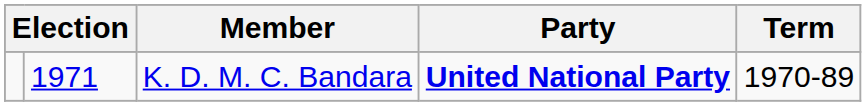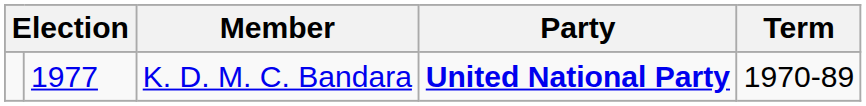 <table class="wikitable">
 <tr>
 <th colspan="2">Election</th>
 <th>Member</th>
 <th>Party</th>
 <th>Term</th>
 </tr>
 <tr>
 <td style="background-color: "></td>
-<td><a href='#'>1971</a></td>
+<td><a href='#'>1977</a></td>
 <td><a href='#'>K. D. M. C. Bandara</a></td>
 <td><strong><a href='#'>United National Party</a></strong></td>
 <td>1970-89</td>
 </tr>
 </table>
